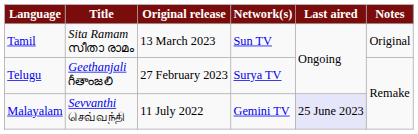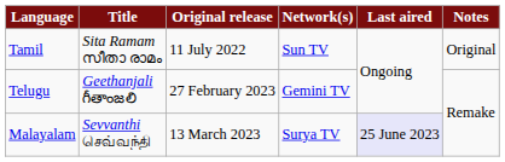 <table class="wikitable" style="margin-right: 0;">
 <tr style="color:white">
 <th style="background:#7b0c0c; " scope="col">Language</th>
 <th style="background:#7b0c0c; " scope="col">Title</th>
 <th style="background:#7b0c0c; " scope="col">Original release</th>
 <th style="background:#7b0c0c; " scope="col">Network(s)</th>
 <th style="background:#7b0c0c; " scope="col">Last aired</th>
 <th style="background:#7b0c0c; " scope="col">Notes</th>
 </tr>
 <tr>
 <td><a href='#'>Tamil</a></td>
 <td><em>Sita Ramam</em> <br> സീതാ രാമം</td>
-<td>13 March 2023</td>
+<td>11 July 2022</td>
 <td><a href='#'>Sun TV</a></td>
 <td rowspan="2">Ongoing</td>
 <td>Original</td>
 </tr>
 <tr>
 <td><a href='#'>Telugu</a></td>
 <td><em><a href='#'>Geethanjali</a></em> <br> గీతాంజలి</td>
 <td>27 February 2023</td>
-<td><a href='#'>Surya TV</a></td>
+<td><a href='#'>Gemini TV</a></td>
 <td rowspan="2">Remake</td>
 </tr>
 <tr>
 <td><a href='#'>Malayalam</a></td>
 <td><em><a href='#'>Sevvanthi</a></em> <br> செவ்வந்தி</td>
-<td>11 July 2022</td>
-<td><a href='#'>Gemini TV</a></td>
+<td>13 March 2023</td>
+<td><a href='#'>Surya TV</a></td>
 <td style="background: lavender;">25 June 2023</td>
 </tr>
 </table>
